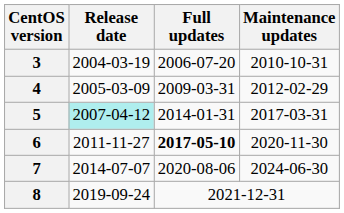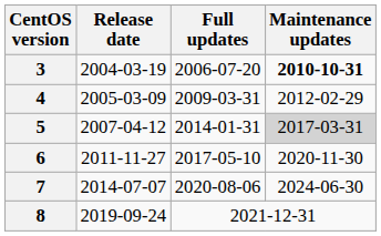 <table class="wikitable" style="text-align: center;">
 <tr>
 <th scope="col">CentOS<br>version</th>
 <th scope="col">Release<br>date</th>
 <th scope="col">Full<br>updates</th>
 <th scope="col">Maintenance<br>updates</th>
 </tr>
 <tr>
 <th scope="row">3</th>
 <td>2004-03-19</td>
 <td>2006-07-20</td>
-<td>2010-10-31 </td>
+<td><strong>2010-10-31 </strong></td>
 </tr>
 <tr>
 <th scope="row">4</th>
 <td>2005-03-09</td>
 <td>2009-03-31</td>
 <td>2012-02-29</td>
 </tr>
 <tr>
 <th scope="row">5</th>
-<td style="background: paleturquoise;">2007-04-12</td>
+<td>2007-04-12</td>
 <td>2014-01-31</td>
-<td>2017-03-31</td>
+<td style="background: lightgrey;">2017-03-31</td>
 </tr>
 <tr>
 <th scope="row">6</th>
 <td>2011-11-27</td>
-<td><strong>2017-05-10</strong></td>
+<td>2017-05-10</td>
 <td>2020-11-30</td>
 </tr>
 <tr>
 <th scope="row">7</th>
 <td>2014-07-07</td>
 <td>2020-08-06</td>
 <td>2024-06-30</td>
 </tr>
 <tr>
 <th scope="row">8</th>
 <td>2019-09-24</td>
 <td colspan="2">2021-12-31</td>
 </tr>
 </table>
